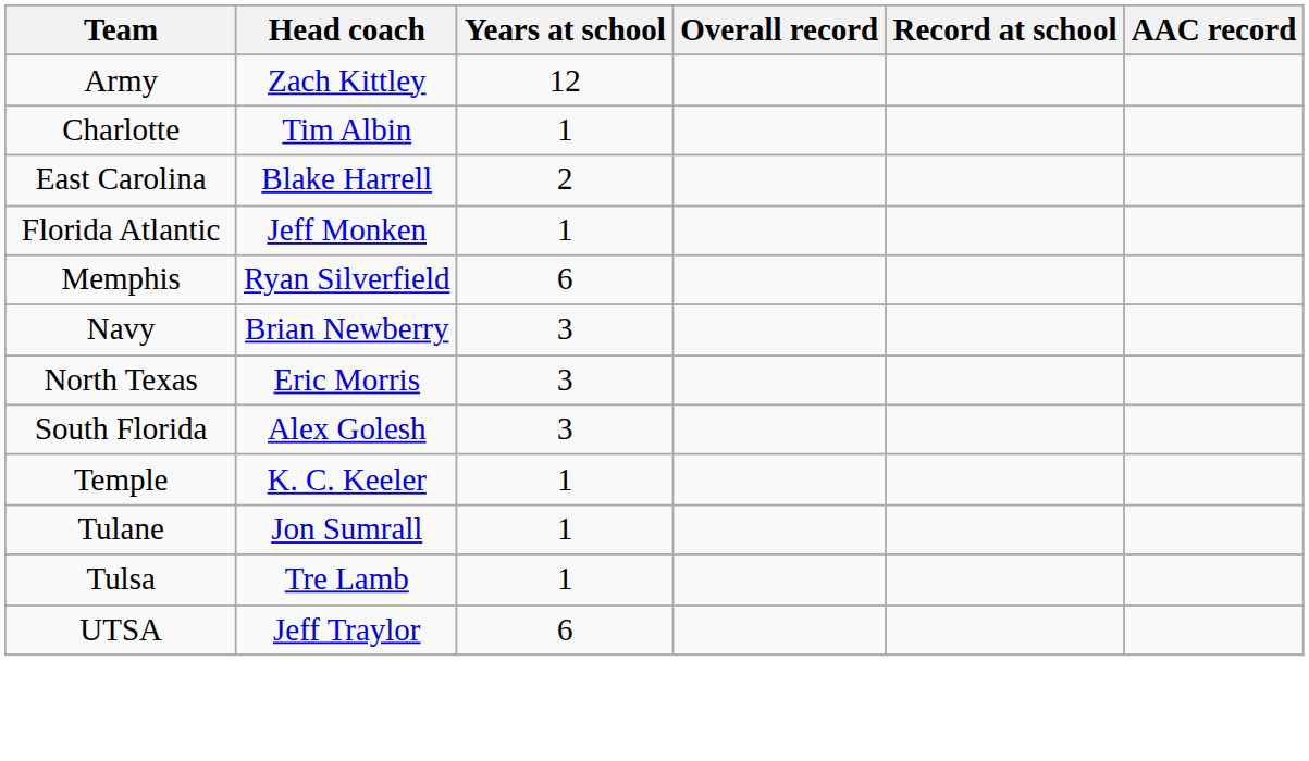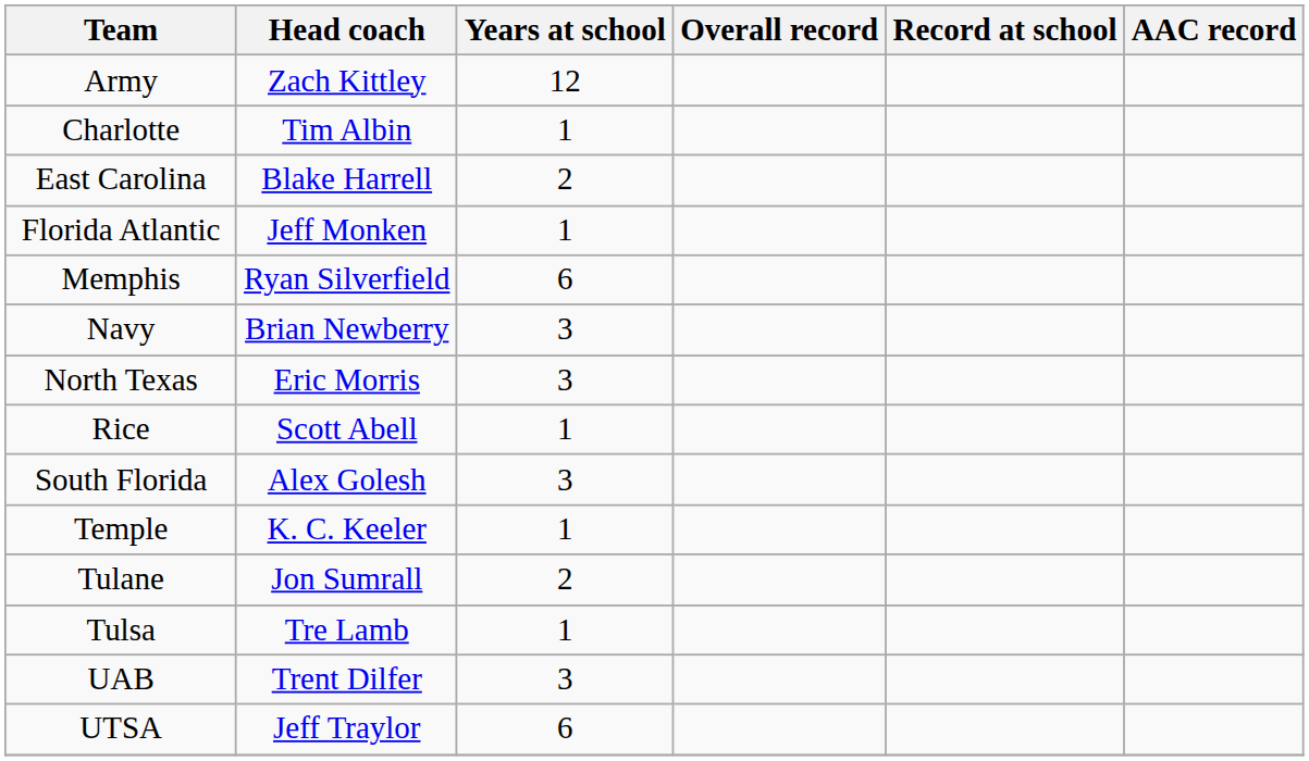 <table class="wikitable sortable" style="text-align: center;">
 <tr>
 <th width="110">Team</th>
 <th>Head coach</th>
 <th>Years at school</th>
 <th>Overall record</th>
 <th>Record at school</th>
 <th>AAC record</th>
 </tr>
 <tr>
 <td>Army</td>
 <td><a href='#'>Zach Kittley</a></td>
 <td>12</td>
 <td data-sort-value=></td>
 <td data-sort-value=></td>
 <td data-sort-value=></td>
 </tr>
 <tr>
 <td>Charlotte</td>
 <td><a href='#'>Tim Albin</a></td>
 <td>1</td>
 <td data-sort-value=></td>
 <td data-sort-value=></td>
 <td data-sort-value=></td>
 </tr>
 <tr>
 <td>East Carolina</td>
 <td><a href='#'>Blake Harrell</a></td>
 <td>2</td>
 <td data-sort-value=></td>
 <td data-sort-value=></td>
 <td data-sort-value=></td>
 </tr>
 <tr>
 <td>Florida Atlantic</td>
 <td><a href='#'>Jeff Monken</a></td>
 <td>1</td>
 <td data-sort-value=></td>
 <td data-sort-value=></td>
 <td data-sort-value=></td>
 </tr>
 <tr>
 <td>Memphis</td>
 <td><a href='#'>Ryan Silverfield</a></td>
 <td>6</td>
 <td data-sort-value=></td>
 <td data-sort-value=></td>
 <td data-sort-value=></td>
 </tr>
 <tr>
 <td>Navy</td>
 <td><a href='#'>Brian Newberry</a></td>
 <td>3</td>
 <td data-sort-value=></td>
 <td data-sort-value=></td>
 <td data-sort-value=></td>
 </tr>
 <tr>
 <td>North Texas</td>
 <td><a href='#'>Eric Morris</a></td>
 <td>3</td>
 <td data-sort-value=></td>
 <td data-sort-value=></td>
 <td data-sort-value=></td>
 </tr>
 <tr>
+<td>Rice</td>
+<td><a href='#'>Scott Abell</a></td>
+<td>1</td>
+<td data-sort-value=></td>
+<td data-sort-value=></td>
+<td data-sort-value=></td>
+</tr>
+<tr>
 <td>South Florida</td>
 <td><a href='#'>Alex Golesh</a></td>
 <td>3</td>
 <td data-sort-value=></td>
 <td data-sort-value=></td>
 <td data-sort-value=></td>
 </tr>
 <tr>
 <td>Temple</td>
 <td><a href='#'>K. C. Keeler</a></td>
 <td>1</td>
 <td data-sort-value=></td>
 <td data-sort-value=></td>
 <td data-sort-value=></td>
 </tr>
 <tr>
 <td>Tulane</td>
 <td><a href='#'>Jon Sumrall</a></td>
-<td>1</td>
+<td>2</td>
 <td data-sort-value=></td>
 <td data-sort-value=></td>
 <td data-sort-value=></td>
 </tr>
 <tr>
 <td>Tulsa</td>
 <td><a href='#'>Tre Lamb</a></td>
 <td>1</td>
+<td data-sort-value=></td>
+<td data-sort-value=></td>
+<td data-sort-value=></td>
+</tr>
+<tr>
+<td>UAB</td>
+<td><a href='#'>Trent Dilfer</a></td>
+<td>3</td>
 <td data-sort-value=></td>
 <td data-sort-value=></td>
 <td data-sort-value=></td>
 </tr>
 <tr>
 <td>UTSA</td>
 <td><a href='#'>Jeff Traylor</a></td>
 <td>6</td>
 <td data-sort-value=></td>
 <td data-sort-value=></td>
 <td data-sort-value=></td>
 </tr>
 <tr>
 </tr>
 </table>
